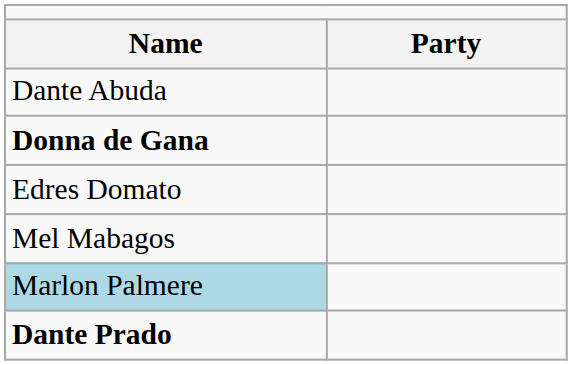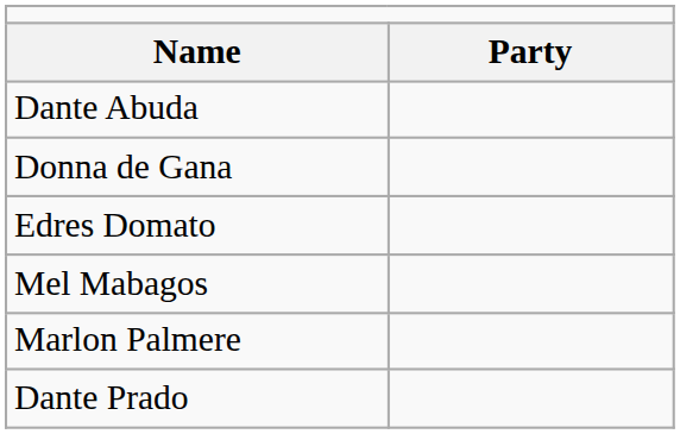 <table class=wikitable style="font-size:90%">
 <tr>
 <td colspan=4 bgcolor=></td>
 </tr>
 <tr>
 <th width=150px>Name</th>
 <th colspan=2 width=110px>Party</th>
 </tr>
 <tr>
 <td>Dante Abuda</td>
 <td></td>
 </tr>
 <tr>
-<td><strong>Donna de Gana</strong></td>
+<td>Donna de Gana</td>
 <td></td>
 </tr>
 <tr>
 <td>Edres Domato</td>
 <td></td>
 </tr>
 <tr>
 <td>Mel Mabagos</td>
 <td></td>
 </tr>
 <tr>
-<td style="background: lightblue;">Marlon Palmere</td>
+<td>Marlon Palmere</td>
 <td></td>
 </tr>
 <tr>
-<td><strong>Dante Prado</strong></td>
+<td>Dante Prado</td>
 <td></td>
 </tr>
 </table>
